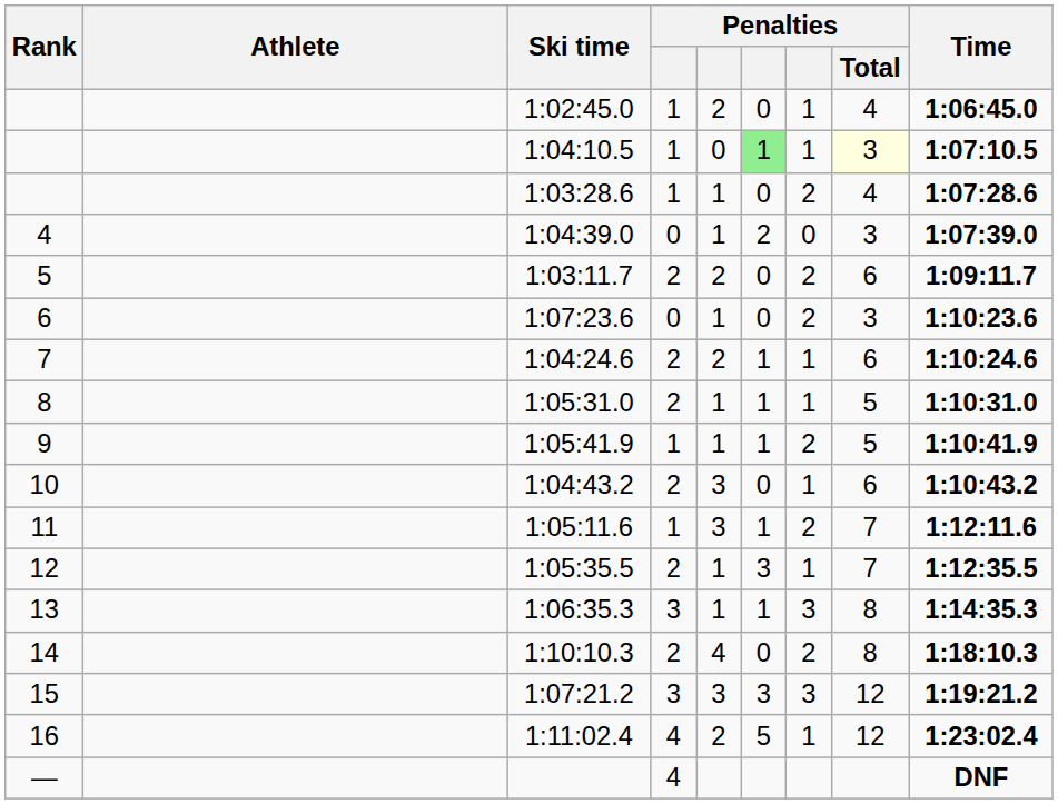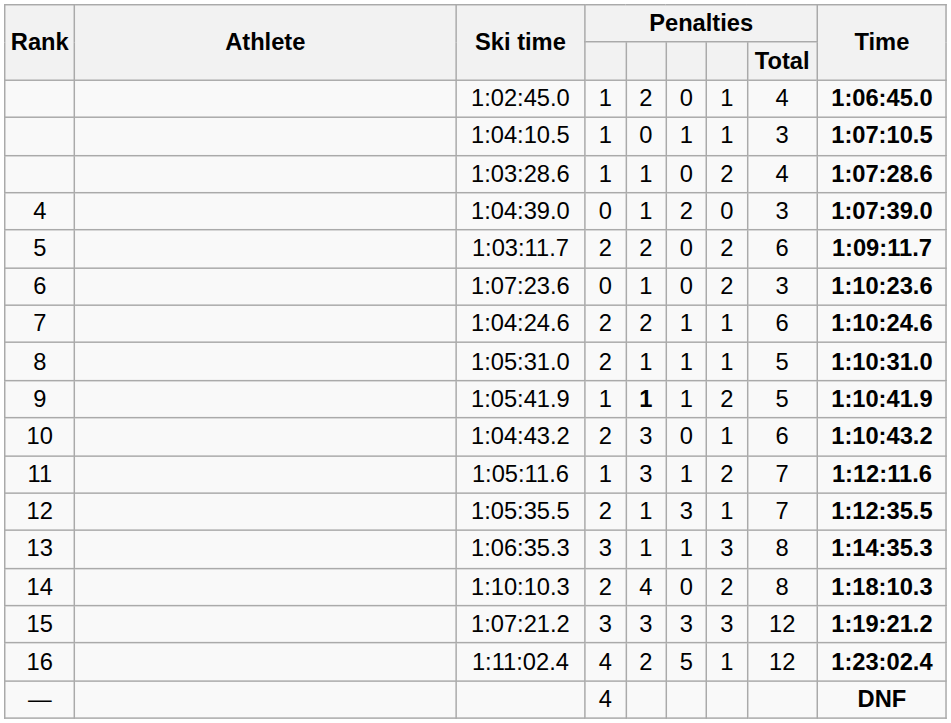 <table class=wikitable style="text-align:center">
 <tr>
 <th rowspan=2 width=40>Rank</th>
 <th rowspan=2 width=250>Athlete</th>
 <th rowspan=2 width=80>Ski time</th>
 <th colspan=5>Penalties</th>
 <th rowspan=2 width=80>Time</th>
 </tr>
 <tr>
 <th width=20></th>
 <th width=20></th>
 <th width=20></th>
 <th width=20></th>
 <th width=40>Total</th>
 </tr>
 <tr>
 <td></td>
 <td align=left></td>
 <td>1:02:45.0</td>
 <td>1</td>
 <td>2</td>
 <td>0</td>
 <td>1</td>
 <td>4</td>
 <td><strong>1:06:45.0</strong></td>
 </tr>
 <tr>
 <td></td>
 <td align=left></td>
 <td>1:04:10.5</td>
 <td>1</td>
 <td>0</td>
-<td style="background: lightgreen;">1</td>
 <td>1</td>
-<td style="background: lightyellow;">3</td>
+<td>1</td>
+<td>3</td>
 <td><strong>1:07:10.5</strong></td>
 </tr>
 <tr>
 <td></td>
 <td align=left></td>
 <td>1:03:28.6</td>
 <td>1</td>
 <td>1</td>
 <td>0</td>
 <td>2</td>
 <td>4</td>
 <td><strong>1:07:28.6</strong></td>
 </tr>
 <tr>
 <td>4</td>
 <td align=left></td>
 <td>1:04:39.0</td>
 <td>0</td>
 <td>1</td>
 <td>2</td>
 <td>0</td>
 <td>3</td>
 <td><strong>1:07:39.0</strong></td>
 </tr>
 <tr>
 <td>5</td>
 <td align=left></td>
 <td>1:03:11.7</td>
 <td>2</td>
 <td>2</td>
 <td>0</td>
 <td>2</td>
 <td>6</td>
 <td><strong>1:09:11.7</strong></td>
 </tr>
 <tr>
 <td>6</td>
 <td align=left></td>
 <td>1:07:23.6</td>
 <td>0</td>
 <td>1</td>
 <td>0</td>
 <td>2</td>
 <td>3</td>
 <td><strong>1:10:23.6</strong></td>
 </tr>
 <tr>
 <td>7</td>
 <td align=left></td>
 <td>1:04:24.6</td>
 <td>2</td>
 <td>2</td>
 <td>1</td>
 <td>1</td>
 <td>6</td>
 <td><strong>1:10:24.6</strong></td>
 </tr>
 <tr>
 <td>8</td>
 <td align=left></td>
 <td>1:05:31.0</td>
 <td>2</td>
 <td>1</td>
 <td>1</td>
 <td>1</td>
 <td>5</td>
 <td><strong>1:10:31.0</strong></td>
 </tr>
 <tr>
 <td>9</td>
 <td align=left></td>
 <td>1:05:41.9</td>
 <td>1</td>
-<td>1</td>
+<td><strong>1</strong></td>
 <td>1</td>
 <td>2</td>
 <td>5</td>
 <td><strong>1:10:41.9</strong></td>
 </tr>
 <tr>
 <td>10</td>
 <td align=left></td>
 <td>1:04:43.2</td>
 <td>2</td>
 <td>3</td>
 <td>0</td>
 <td>1</td>
 <td>6</td>
 <td><strong>1:10:43.2</strong></td>
 </tr>
 <tr>
 <td>11</td>
 <td align=left></td>
 <td>1:05:11.6</td>
 <td>1</td>
 <td>3</td>
 <td>1</td>
 <td>2</td>
 <td>7</td>
 <td><strong>1:12:11.6</strong></td>
 </tr>
 <tr>
 <td>12</td>
 <td align=left></td>
 <td>1:05:35.5</td>
 <td>2</td>
 <td>1</td>
 <td>3</td>
 <td>1</td>
 <td>7</td>
 <td><strong>1:12:35.5</strong></td>
 </tr>
 <tr>
 <td>13</td>
 <td align=left></td>
 <td>1:06:35.3</td>
 <td>3</td>
 <td>1</td>
 <td>1</td>
 <td>3</td>
 <td>8</td>
 <td><strong>1:14:35.3</strong></td>
 </tr>
 <tr>
 <td>14</td>
 <td align=left></td>
 <td>1:10:10.3</td>
 <td>2</td>
 <td>4</td>
 <td>0</td>
 <td>2</td>
 <td>8</td>
 <td><strong>1:18:10.3</strong></td>
 </tr>
 <tr>
 <td>15</td>
 <td align=left></td>
 <td>1:07:21.2</td>
 <td>3</td>
 <td>3</td>
 <td>3</td>
 <td>3</td>
 <td>12</td>
 <td><strong>1:19:21.2</strong></td>
 </tr>
 <tr>
 <td>16</td>
 <td align=left></td>
 <td>1:11:02.4</td>
 <td>4</td>
 <td>2</td>
 <td>5</td>
 <td>1</td>
 <td>12</td>
 <td><strong>1:23:02.4</strong></td>
 </tr>
 <tr>
 <td>—</td>
 <td align=left></td>
 <td></td>
 <td>4</td>
 <td></td>
 <td></td>
 <td></td>
 <td></td>
 <td><strong>DNF</strong></td>
 </tr>
 </table>
